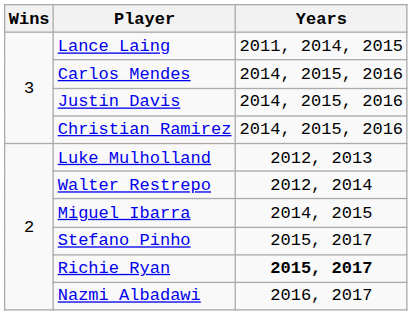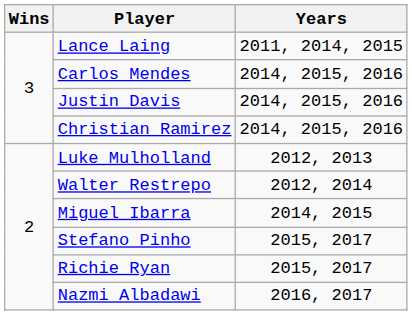 <table class="wikitable" style="text-align:center;">
 <tr>
 <th>Wins</th>
 <th>Player</th>
 <th>Years</th>
 </tr>
 <tr>
 <td rowspan="4">3</td>
 <td style="text-align:left;"> <a href='#'>Lance Laing</a></td>
 <td>2011, 2014, 2015</td>
 </tr>
 <tr>
 <td style="text-align:left;"> <a href='#'>Carlos Mendes</a></td>
 <td>2014, 2015, 2016</td>
 </tr>
 <tr>
 <td style="text-align:left;"> <a href='#'>Justin Davis</a></td>
 <td>2014, 2015, 2016</td>
 </tr>
 <tr>
 <td style="text-align:left;"> <a href='#'>Christian Ramirez</a></td>
 <td>2014, 2015, 2016</td>
 </tr>
 <tr>
 <td rowspan="6">2</td>
 <td style="text-align:left;"> <a href='#'>Luke Mulholland</a></td>
 <td>2012, 2013</td>
 </tr>
 <tr>
 <td style="text-align:left;"> <a href='#'>Walter Restrepo</a></td>
 <td>2012, 2014</td>
 </tr>
 <tr>
 <td style="text-align:left;"> <a href='#'>Miguel Ibarra</a></td>
 <td>2014, 2015</td>
 </tr>
 <tr>
 <td style="text-align:left;"> <a href='#'>Stefano Pinho</a></td>
 <td>2015, 2017</td>
 </tr>
 <tr>
 <td style="text-align:left;"> <a href='#'>Richie Ryan</a></td>
-<td><strong>2015, 2017</strong></td>
+<td>2015, 2017</td>
 </tr>
 <tr>
 <td style="text-align:left;"> <a href='#'>Nazmi Albadawi</a></td>
 <td>2016, 2017</td>
 </tr>
 </table>
